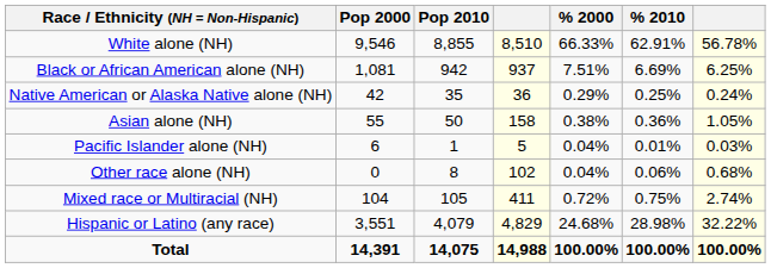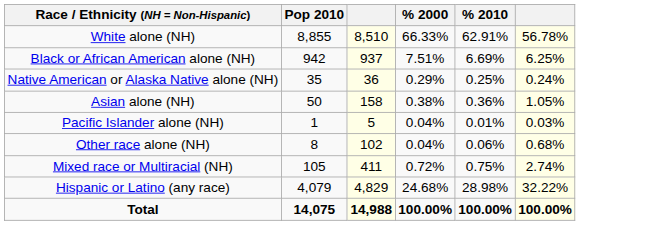 <table class="wikitable" style="text-align:center;">
 <tr>
 <th>Race / Ethnicity <small>(<em>NH = Non-Hispanic</em>)</small></th>
-<th>Pop 2000</th>
 <th>Pop 2010</th>
 <th></th>
 <th>% 2000</th>
 <th>% 2010</th>
 <th></th>
 </tr>
 <tr>
 <td><a href='#'>White</a> alone (NH)</td>
-<td>9,546</td>
 <td>8,855</td>
 <td style='background: #ffffe6;'>8,510</td>
 <td>66.33%</td>
 <td>62.91%</td>
 <td style='background: #ffffe6;'>56.78%</td>
 </tr>
 <tr>
 <td><a href='#'>Black or African American</a> alone (NH)</td>
-<td>1,081</td>
 <td>942</td>
 <td style='background: #ffffe6;'>937</td>
 <td>7.51%</td>
 <td>6.69%</td>
 <td style='background: #ffffe6;'>6.25%</td>
 </tr>
 <tr>
 <td><a href='#'>Native American</a> or <a href='#'>Alaska Native</a> alone (NH)</td>
-<td>42</td>
 <td>35</td>
 <td style='background: #ffffe6;'>36</td>
 <td>0.29%</td>
 <td>0.25%</td>
 <td style='background: #ffffe6;'>0.24%</td>
 </tr>
 <tr>
 <td><a href='#'>Asian</a> alone (NH)</td>
-<td>55</td>
 <td>50</td>
 <td style='background: #ffffe6;'>158</td>
 <td>0.38%</td>
 <td>0.36%</td>
 <td style='background: #ffffe6;'>1.05%</td>
 </tr>
 <tr>
 <td><a href='#'>Pacific Islander</a> alone (NH)</td>
-<td>6</td>
 <td>1</td>
 <td style='background: #ffffe6;'>5</td>
 <td>0.04%</td>
 <td>0.01%</td>
 <td style='background: #ffffe6;'>0.03%</td>
 </tr>
 <tr>
 <td><a href='#'>Other race</a> alone (NH)</td>
-<td>0</td>
 <td>8</td>
 <td style='background: #ffffe6;'>102</td>
 <td>0.04%</td>
 <td>0.06%</td>
 <td style='background: #ffffe6;'>0.68%</td>
 </tr>
 <tr>
 <td><a href='#'>Mixed race or Multiracial</a> (NH)</td>
-<td>104</td>
 <td>105</td>
 <td style='background: #ffffe6;'>411</td>
 <td>0.72%</td>
 <td>0.75%</td>
 <td style='background: #ffffe6;'>2.74%</td>
 </tr>
 <tr>
 <td><a href='#'>Hispanic or Latino</a> (any race)</td>
-<td>3,551</td>
 <td>4,079</td>
 <td style='background: #ffffe6;'>4,829</td>
 <td>24.68%</td>
 <td>28.98%</td>
 <td style='background: #ffffe6;'>32.22%</td>
 </tr>
 <tr>
 <td><strong>Total</strong></td>
-<td><strong>14,391</strong></td>
 <td><strong>14,075</strong></td>
 <td style='background: #ffffe6;'><strong>14,988</strong></td>
 <td><strong>100.00%</strong></td>
 <td><strong>100.00%</strong></td>
 <td style='background: #ffffe6;'><strong>100.00%</strong></td>
 </tr>
 </table>
